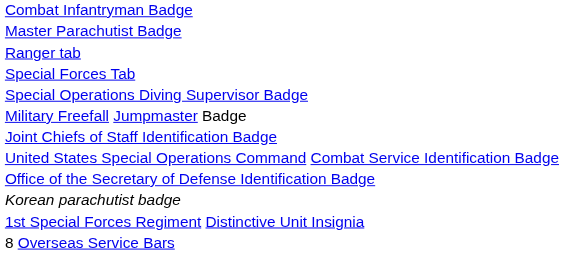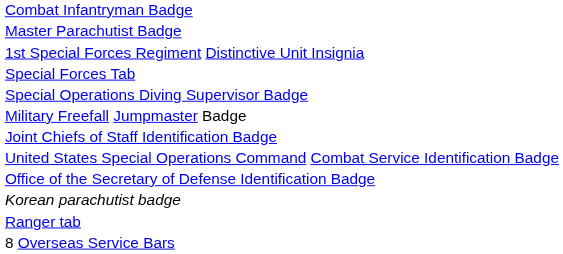 <table>
 <tr>
 <td> <a href='#'>Combat Infantryman Badge</a></td>
 </tr>
 <tr>
 <td> <a href='#'>Master Parachutist Badge</a></td>
 </tr>
 <tr>
-<td> <a href='#'>Ranger tab</a></td>
+<td> <a href='#'>1st Special Forces Regiment</a> <a href='#'>Distinctive Unit Insignia</a></td>
 </tr>
 <tr>
 <td> <a href='#'>Special Forces Tab</a></td>
 </tr>
 <tr>
 <td> <a href='#'>Special Operations Diving Supervisor Badge</a></td>
 </tr>
 <tr>
 <td>  <a href='#'>Military Freefall</a> <a href='#'>Jumpmaster</a> Badge</td>
 </tr>
 <tr>
 <td> <a href='#'>Joint Chiefs of Staff Identification Badge</a></td>
 </tr>
 <tr>
 <td> <a href='#'>United States Special Operations Command</a> <a href='#'>Combat Service Identification Badge</a></td>
 </tr>
 <tr>
 <td> <a href='#'>Office of the Secretary of Defense Identification Badge</a></td>
 </tr>
 <tr>
 <td> <em>Korean parachutist badge</em></td>
 </tr>
 <tr>
-<td> <a href='#'>1st Special Forces Regiment</a> <a href='#'>Distinctive Unit Insignia</a></td>
+<td> <a href='#'>Ranger tab</a></td>
 </tr>
 <tr>
 <td> 8 <a href='#'>Overseas Service Bars</a></td>
 </tr>
 </table>
